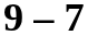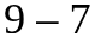 <table style="text-align:center">
 <tr>
 <th width=200></th>
 <th width=100></th>
 <th width=200></th>
 </tr>
 <tr>
 <td align=right><strong></strong></td>
-<td><strong>9 – 7</strong></td>
+<td>9 – 7</td>
 <td align=left></td>
 </tr>
 </table>
